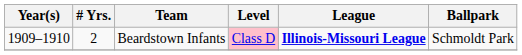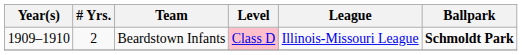 <table class="wikitable" style="text-align:center; font-size: 95%;">
 <tr>
 <th>Year(s)</th>
 <th># Yrs.</th>
 <th>Team</th>
 <th>Level</th>
 <th>League</th>
 <th>Ballpark</th>
 </tr>
 <tr>
 <td>1909–1910</td>
 <td>2</td>
 <td>Beardstown Infants</td>
 <td style="background: pink;"><a href='#'>Class D</a></td>
-<td><strong><a href='#'>Illinois-Missouri League</a></strong></td>
-<td>Schmoldt Park</td>
+<td><a href='#'>Illinois-Missouri League</a></td>
+<td><strong>Schmoldt Park</strong></td>
 </tr>
 <tr>
 </tr>
 </table>
